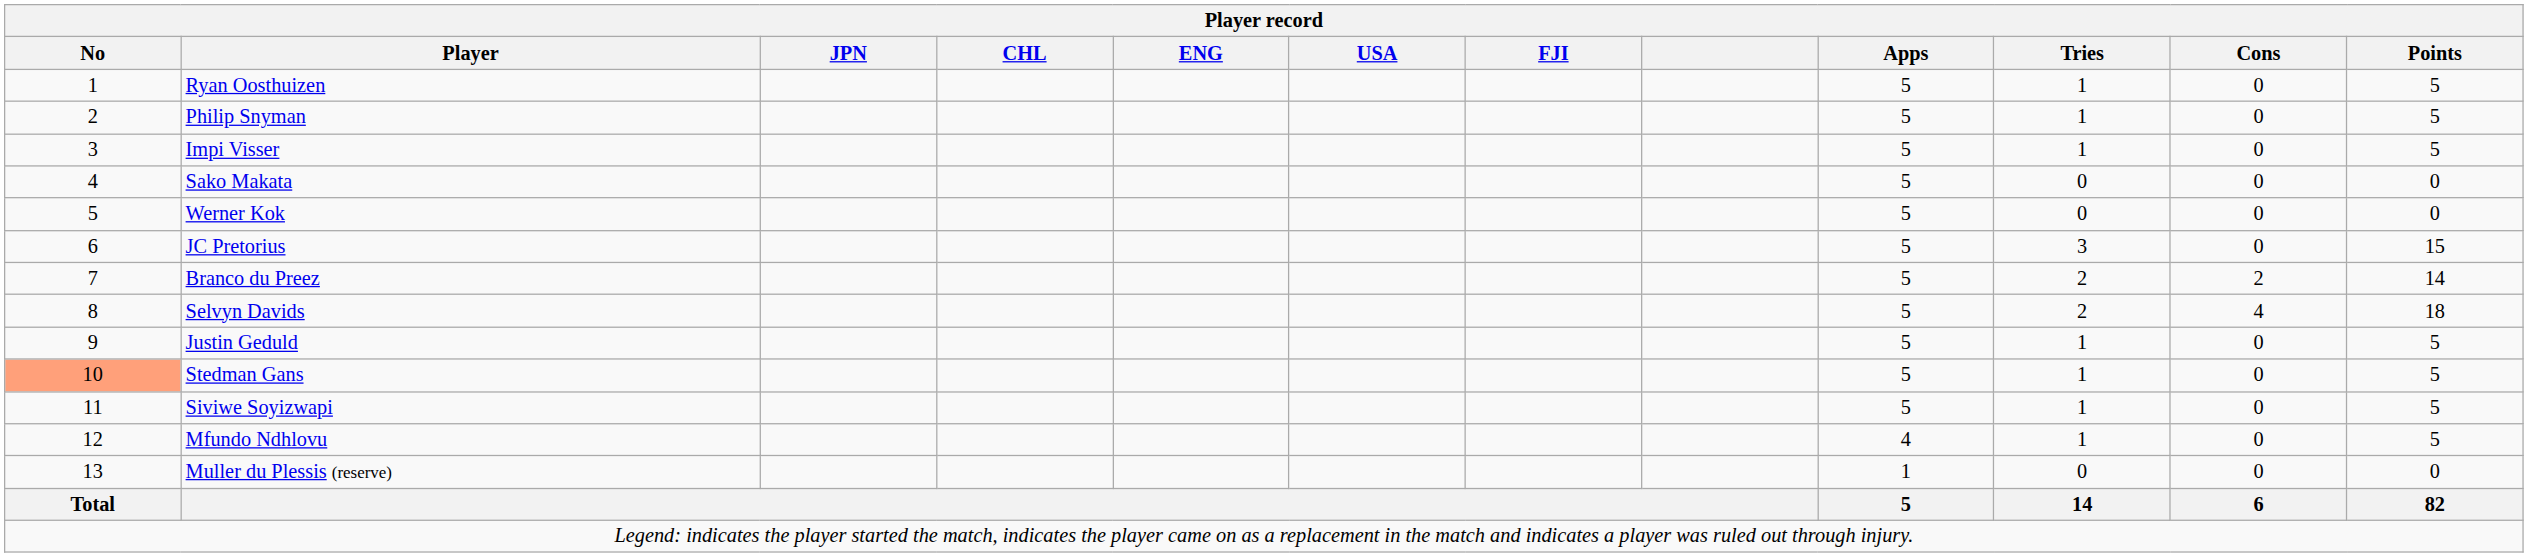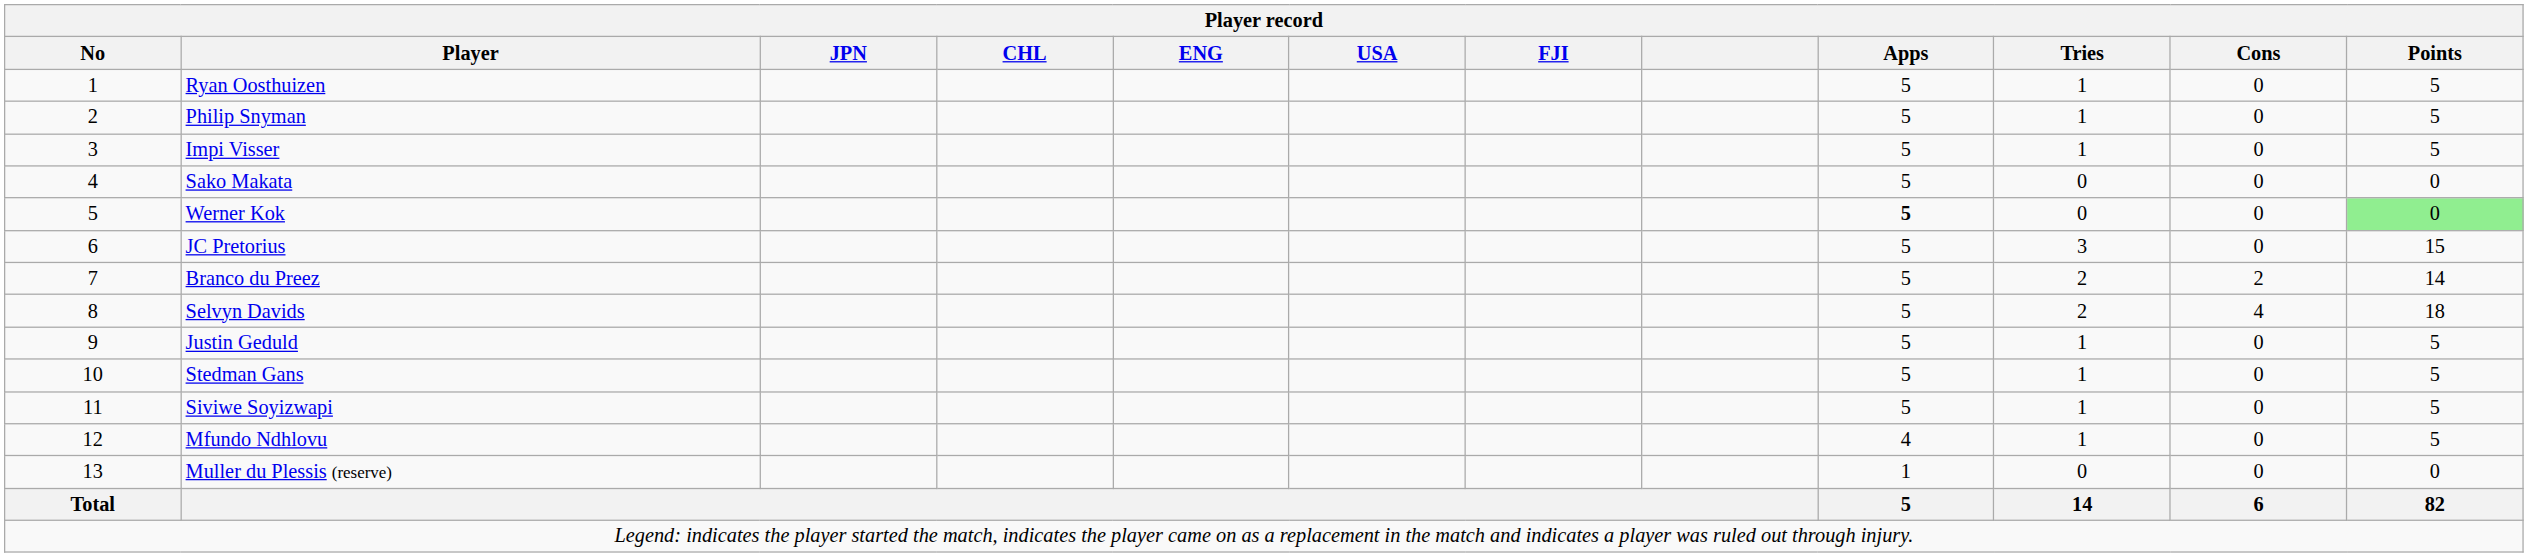 <table class="wikitable" style="text-align:center; width:100%">
 <tr>
 <th colspan="100%">Player record</th>
 </tr>
 <tr>
 <th style="width:7%;">No</th>
 <th style="width:23%;">Player</th>
 <th style="width:7%;"><a href='#'>JPN</a></th>
 <th style="width:7%;"><a href='#'>CHL</a></th>
 <th style="width:7%;"><a href='#'>ENG</a></th>
 <th style="width:7%;"><a href='#'>USA</a></th>
 <th style="width:7%;"><a href='#'>FJI</a></th>
 <th style="width:7%;"></th>
 <th style="width:7%;">Apps</th>
 <th style="width:7%;">Tries</th>
 <th style="width:7%;">Cons</th>
 <th style="width:7%;">Points</th>
 </tr>
 <tr>
 <td>1</td>
 <td style="text-align:left;"><a href='#'>Ryan Oosthuizen</a></td>
 <td></td>
 <td></td>
 <td></td>
 <td></td>
 <td></td>
 <td></td>
 <td>5</td>
 <td>1</td>
 <td>0</td>
 <td>5</td>
 </tr>
 <tr>
 <td>2</td>
 <td style="text-align:left;"><a href='#'>Philip Snyman</a></td>
 <td></td>
 <td></td>
 <td></td>
 <td></td>
 <td></td>
 <td></td>
 <td>5</td>
 <td>1</td>
 <td>0</td>
 <td>5</td>
 </tr>
 <tr>
 <td>3</td>
 <td style="text-align:left;"><a href='#'>Impi Visser</a></td>
 <td></td>
 <td></td>
 <td></td>
 <td></td>
 <td></td>
 <td></td>
 <td>5</td>
 <td>1</td>
 <td>0</td>
 <td>5</td>
 </tr>
 <tr>
 <td>4</td>
 <td style="text-align:left;"><a href='#'>Sako Makata</a></td>
 <td></td>
 <td></td>
 <td></td>
 <td></td>
 <td></td>
 <td></td>
 <td>5</td>
 <td>0</td>
 <td>0</td>
 <td>0</td>
 </tr>
 <tr>
 <td>5</td>
 <td style="text-align:left;"><a href='#'>Werner Kok</a></td>
 <td></td>
 <td></td>
 <td></td>
 <td></td>
 <td></td>
 <td></td>
-<td>5</td>
+<td><strong>5</strong></td>
 <td>0</td>
 <td>0</td>
-<td>0</td>
+<td style="background: lightgreen;">0</td>
 </tr>
 <tr>
 <td>6</td>
 <td style="text-align:left;"><a href='#'>JC Pretorius</a></td>
 <td></td>
 <td></td>
 <td></td>
 <td></td>
 <td></td>
 <td></td>
 <td>5</td>
 <td>3</td>
 <td>0</td>
 <td>15</td>
 </tr>
 <tr>
 <td>7</td>
 <td style="text-align:left;"><a href='#'>Branco du Preez</a></td>
 <td></td>
 <td></td>
 <td></td>
 <td></td>
 <td></td>
 <td></td>
 <td>5</td>
 <td>2</td>
 <td>2</td>
 <td>14</td>
 </tr>
 <tr>
 <td>8</td>
 <td style="text-align:left;"><a href='#'>Selvyn Davids</a></td>
 <td></td>
 <td></td>
 <td></td>
 <td></td>
 <td></td>
 <td></td>
 <td>5</td>
 <td>2</td>
 <td>4</td>
 <td>18</td>
 </tr>
 <tr>
 <td>9</td>
 <td style="text-align:left;"><a href='#'>Justin Geduld</a></td>
 <td></td>
 <td></td>
 <td></td>
 <td></td>
 <td></td>
 <td></td>
 <td>5</td>
 <td>1</td>
 <td>0</td>
 <td>5</td>
 </tr>
 <tr>
-<td style="background: lightsalmon;">10</td>
+<td>10</td>
 <td style="text-align:left;"><a href='#'>Stedman Gans</a></td>
 <td></td>
 <td></td>
 <td></td>
 <td></td>
 <td></td>
 <td></td>
 <td>5</td>
 <td>1</td>
 <td>0</td>
 <td>5</td>
 </tr>
 <tr>
 <td>11</td>
 <td style="text-align:left;"><a href='#'>Siviwe Soyizwapi</a></td>
 <td></td>
 <td></td>
 <td></td>
 <td></td>
 <td></td>
 <td></td>
 <td>5</td>
 <td>1</td>
 <td>0</td>
 <td>5</td>
 </tr>
 <tr>
 <td>12</td>
 <td style="text-align:left;"><a href='#'>Mfundo Ndhlovu</a></td>
 <td></td>
 <td></td>
 <td></td>
 <td></td>
 <td></td>
 <td></td>
 <td>4</td>
 <td>1</td>
 <td>0</td>
 <td>5</td>
 </tr>
 <tr>
 <td>13</td>
 <td style="text-align:left;"><a href='#'>Muller du Plessis</a> <small>(reserve)</small></td>
 <td></td>
 <td></td>
 <td></td>
 <td></td>
 <td></td>
 <td></td>
 <td>1</td>
 <td>0</td>
 <td>0</td>
 <td>0</td>
 </tr>
 <tr>
 <th>Total</th>
 <th colspan="7"></th>
 <th>5</th>
 <th>14</th>
 <th>6</th>
 <th>82</th>
 </tr>
 <tr>
 <td colspan="100%"><em>Legend: <span></span> indicates the player started the match, <span></span> indicates the player came on as a replacement in the match and  indicates a player was ruled out through injury.</em></td>
 </tr>
 </table>
